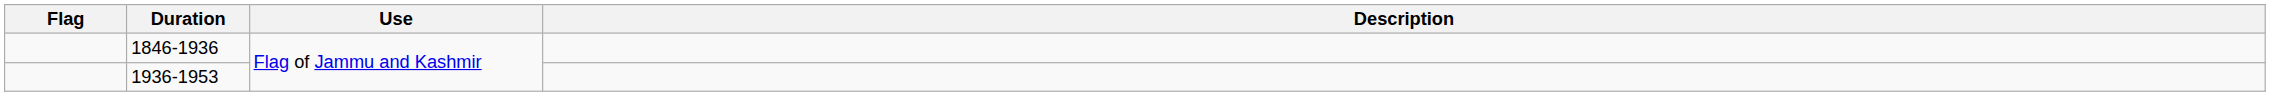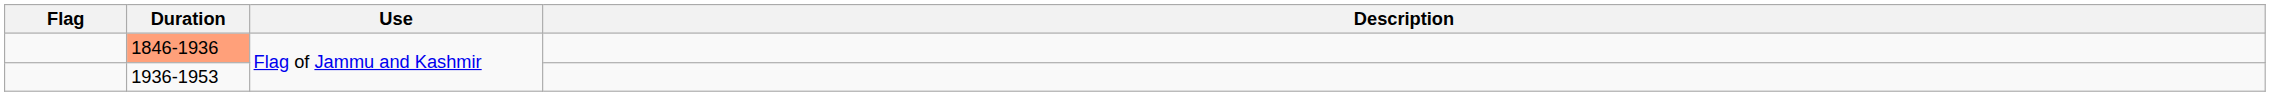 <table class="wikitable" width="100%">
 <tr>
 <th style="width:100px;">Flag</th>
 <th style="width:100px;">Duration</th>
 <th style="width:250px;">Use</th>
 <th style="min-width:250px">Description</th>
 </tr>
 <tr>
 <td></td>
-<td>1846-1936</td>
+<td style="background: lightsalmon;">1846-1936</td>
 <td rowspan="2 "><a href='#'>Flag</a> of <a href='#'>Jammu and Kashmir</a></td>
 <td></td>
 </tr>
 <tr>
 <td></td>
 <td>1936-1953</td>
 <td></td>
 </tr>
 </table>
